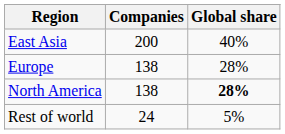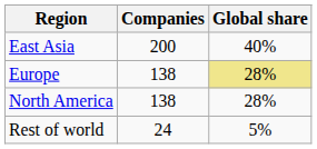 <table class="wikitable sortable plainrowheaders" style="text-align: center">
 <tr>
 </tr>
 <tr>
 <th scope="col">Region</th>
 <th scope="col">Companies</th>
 <th>Global share</th>
 </tr>
 <tr>
 <td style="text-align: left;"><a href='#'>East Asia</a></td>
 <td>200</td>
 <td>40%</td>
 </tr>
 <tr>
 <td style="text-align: left;"><a href='#'>Europe</a></td>
 <td>138</td>
-<td>28%</td>
+<td style="background: khaki;">28%</td>
 </tr>
 <tr>
 <td style="text-align: left;"><a href='#'>North America</a></td>
 <td>138</td>
-<td><strong>28%</strong></td>
+<td>28%</td>
 </tr>
 <tr>
 <td style="text-align: left;">Rest of world</td>
 <td>24</td>
 <td>5%</td>
 </tr>
 </table>
